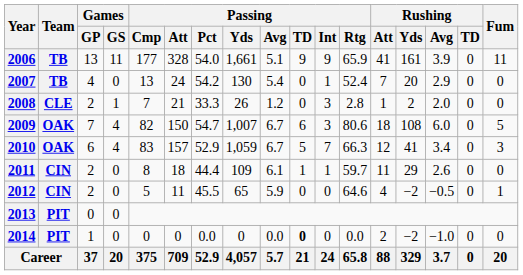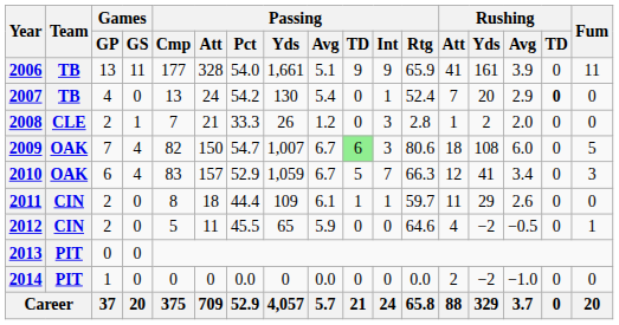 <table class="wikitable" style="text-align:center;">
 <tr>
 <th rowspan="2">Year</th>
 <th rowspan="2">Team</th>
 <th colspan="2">Games</th>
 <th colspan="8">Passing</th>
 <th colspan="4">Rushing</th>
 <th rowspan="2">Fum</th>
 </tr>
 <tr>
 <th>GP</th>
 <th>GS</th>
 <th>Cmp</th>
 <th>Att</th>
 <th>Pct</th>
 <th>Yds</th>
 <th>Avg</th>
 <th>TD</th>
 <th>Int</th>
 <th>Rtg</th>
 <th>Att</th>
 <th>Yds</th>
 <th>Avg</th>
 <th>TD</th>
 </tr>
 <tr>
 <th><a href='#'>2006</a></th>
 <th><a href='#'>TB</a></th>
 <td>13</td>
 <td>11</td>
 <td>177</td>
 <td>328</td>
 <td>54.0</td>
 <td>1,661</td>
 <td>5.1</td>
 <td>9</td>
 <td>9</td>
 <td>65.9</td>
 <td>41</td>
 <td>161</td>
 <td>3.9</td>
 <td>0</td>
 <td>11</td>
 </tr>
 <tr>
 <th><a href='#'>2007</a></th>
 <th><a href='#'>TB</a></th>
 <td>4</td>
 <td>0</td>
 <td>13</td>
 <td>24</td>
 <td>54.2</td>
 <td>130</td>
 <td>5.4</td>
 <td>0</td>
 <td>1</td>
 <td>52.4</td>
 <td>7</td>
 <td>20</td>
 <td>2.9</td>
-<td>0</td>
+<td><strong>0</strong></td>
 <td>0</td>
 </tr>
 <tr>
 <th><a href='#'>2008</a></th>
 <th><a href='#'>CLE</a></th>
 <td>2</td>
 <td>1</td>
 <td>7</td>
 <td>21</td>
 <td>33.3</td>
 <td>26</td>
 <td>1.2</td>
 <td>0</td>
 <td>3</td>
 <td>2.8</td>
 <td>1</td>
 <td>2</td>
 <td>2.0</td>
 <td>0</td>
 <td>0</td>
 </tr>
 <tr>
 <th><a href='#'>2009</a></th>
 <th><a href='#'>OAK</a></th>
 <td>7</td>
 <td>4</td>
 <td>82</td>
 <td>150</td>
 <td>54.7</td>
 <td>1,007</td>
 <td>6.7</td>
-<td>6</td>
+<td style="background: lightgreen;">6</td>
 <td>3</td>
 <td>80.6</td>
 <td>18</td>
 <td>108</td>
 <td>6.0</td>
 <td>0</td>
 <td>5</td>
 </tr>
 <tr>
 <th><a href='#'>2010</a></th>
 <th><a href='#'>OAK</a></th>
 <td>6</td>
 <td>4</td>
 <td>83</td>
 <td>157</td>
 <td>52.9</td>
 <td>1,059</td>
 <td>6.7</td>
 <td>5</td>
 <td>7</td>
 <td>66.3</td>
 <td>12</td>
 <td>41</td>
 <td>3.4</td>
 <td>0</td>
 <td>3</td>
 </tr>
 <tr>
 <th><a href='#'>2011</a></th>
 <th><a href='#'>CIN</a></th>
 <td>2</td>
 <td>0</td>
 <td>8</td>
 <td>18</td>
 <td>44.4</td>
 <td>109</td>
 <td>6.1</td>
 <td>1</td>
 <td>1</td>
 <td>59.7</td>
 <td>11</td>
 <td>29</td>
 <td>2.6</td>
 <td>0</td>
 <td>0</td>
 </tr>
 <tr>
 <th><a href='#'>2012</a></th>
 <th><a href='#'>CIN</a></th>
 <td>2</td>
 <td>0</td>
 <td>5</td>
 <td>11</td>
 <td>45.5</td>
 <td>65</td>
 <td>5.9</td>
 <td>0</td>
 <td>0</td>
 <td>64.6</td>
 <td>4</td>
 <td>−2</td>
 <td>−0.5</td>
 <td>0</td>
 <td>1</td>
 </tr>
 <tr>
 <th><a href='#'>2013</a></th>
 <th><a href='#'>PIT</a></th>
 <td>0</td>
 <td>0</td>
 <td colspan="13"></td>
 </tr>
 <tr>
 <th><a href='#'>2014</a></th>
 <th><a href='#'>PIT</a></th>
 <td>1</td>
 <td>0</td>
 <td>0</td>
 <td>0</td>
 <td>0.0</td>
 <td>0</td>
 <td>0.0</td>
-<td><strong>0</strong></td>
+<td>0</td>
 <td>0</td>
 <td>0.0</td>
 <td>2</td>
 <td>−2</td>
 <td>−1.0</td>
 <td>0</td>
 <td>0</td>
 </tr>
 <tr>
 <th colspan="2">Career</th>
 <th>37</th>
 <th>20</th>
 <th>375</th>
 <th>709</th>
 <th>52.9</th>
 <th>4,057</th>
 <th>5.7</th>
 <th>21</th>
 <th>24</th>
 <th>65.8</th>
 <th>88</th>
 <th>329</th>
 <th>3.7</th>
 <th>0</th>
 <th>20</th>
 </tr>
 </table>
